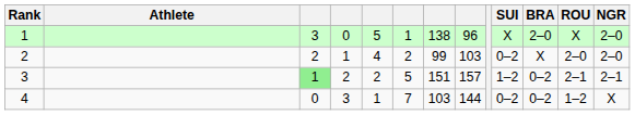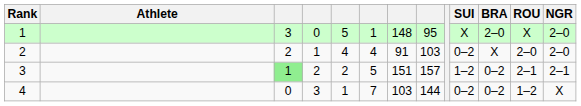 <table class="wikitable" style="text-align:center">
 <tr>
 <th width=40>Rank</th>
 <th width=300>Athlete</th>
 <th width=30></th>
 <th width=30></th>
 <th width=30></th>
 <th width=30></th>
 <th width=30></th>
 <th width=30></th>
 <th rowspan=5></th>
 <th width=30>SUI</th>
 <th width=30>BRA</th>
 <th width=30>ROU</th>
 <th width=30>NGR</th>
 </tr>
 <tr style="background-color:#ccffcc;">
 <td>1</td>
 <td align=left></td>
 <td>3</td>
 <td>0</td>
 <td>5</td>
 <td>1</td>
-<td>138</td>
-<td>96</td>
+<td>148</td>
+<td>95</td>
 <td>X</td>
 <td>2–0</td>
 <td>X</td>
 <td>2–0</td>
 </tr>
 <tr>
 <td>2</td>
 <td align=left></td>
 <td>2</td>
 <td>1</td>
 <td>4</td>
-<td>2</td>
-<td>99</td>
+<td>4</td>
+<td>91</td>
 <td>103</td>
 <td>0–2</td>
 <td>X</td>
 <td>2–0</td>
 <td>2–0</td>
 </tr>
 <tr>
 <td>3</td>
 <td align=left></td>
 <td style="background: lightgreen;">1</td>
 <td>2</td>
 <td>2</td>
 <td>5</td>
 <td>151</td>
 <td>157</td>
 <td>1–2</td>
 <td>0–2</td>
 <td>2–1</td>
 <td>2–1</td>
 </tr>
 <tr>
 <td>4</td>
 <td align=left></td>
 <td>0</td>
 <td>3</td>
 <td>1</td>
 <td>7</td>
 <td>103</td>
 <td>144</td>
 <td>0–2</td>
 <td>0–2</td>
 <td>1–2</td>
 <td>X</td>
 </tr>
 </table>
